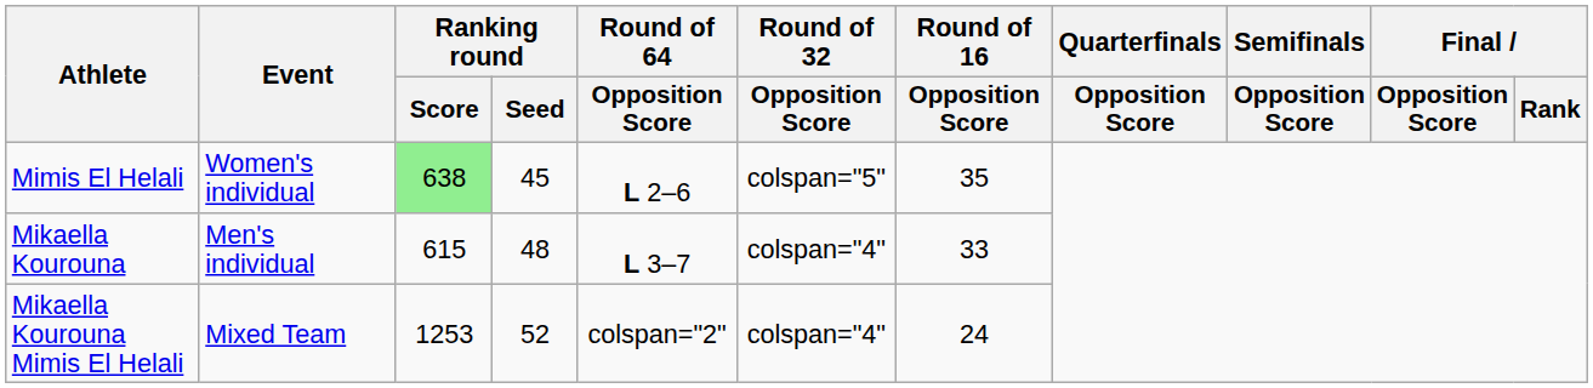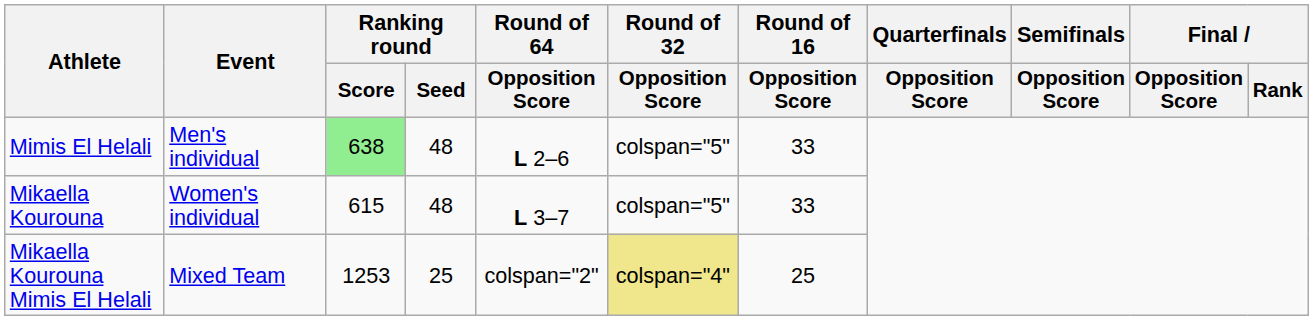 <table class="wikitable" style="font-size:90%">
 <tr>
 <th rowspan=2>Athlete</th>
 <th rowspan=2>Event</th>
 <th colspan=2>Ranking round</th>
 <th>Round of 64</th>
 <th>Round of 32</th>
 <th>Round of 16</th>
 <th>Quarterfinals</th>
 <th>Semifinals</th>
 <th colspan=2>Final / </th>
 </tr>
 <tr style="font-size:95%">
 <th>Score</th>
 <th>Seed</th>
 <th>Opposition<br>Score</th>
 <th>Opposition<br>Score</th>
 <th>Opposition<br>Score</th>
 <th>Opposition<br>Score</th>
 <th>Opposition<br>Score</th>
 <th>Opposition<br>Score</th>
 <th>Rank</th>
 </tr>
 <tr align=center>
 <td align=left><a href='#'>Mimis El Helali</a></td>
-<td align=left><a href='#'>Women's individual</a></td>
+<td align=left><a href='#'>Men's individual</a></td>
 <td style="background: lightgreen;">638</td>
-<td>45</td>
+<td>48</td>
 <td><br> <strong>L</strong> 2–6</td>
 <td>colspan="5" </td>
-<td>35</td>
+<td>33</td>
 </tr>
 <tr align=center>
 <td align=left><a href='#'>Mikaella Kourouna</a></td>
-<td align=left><a href='#'>Men's individual</a></td>
+<td align=left><a href='#'>Women's individual</a></td>
 <td>615</td>
 <td>48</td>
 <td><br> <strong>L</strong> 3–7</td>
-<td>colspan="4" </td>
+<td>colspan="5" </td>
 <td>33</td>
 </tr>
 <tr align=center>
 <td align=left><a href='#'>Mikaella Kourouna</a><br><a href='#'>Mimis El Helali</a></td>
 <td align=left><a href='#'>Mixed Team</a></td>
 <td>1253</td>
-<td>52</td>
+<td>25</td>
 <td>colspan="2" </td>
-<td>colspan="4" </td>
-<td>24</td>
+<td style="background: khaki;">colspan="4" </td>
+<td>25</td>
 </tr>
 </table>
